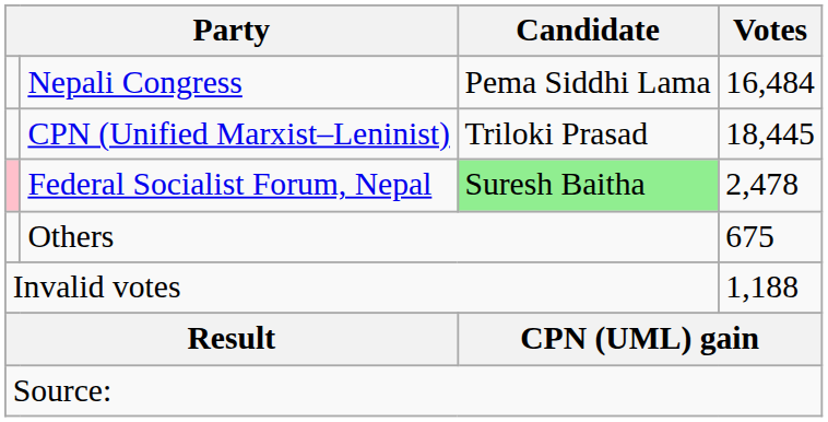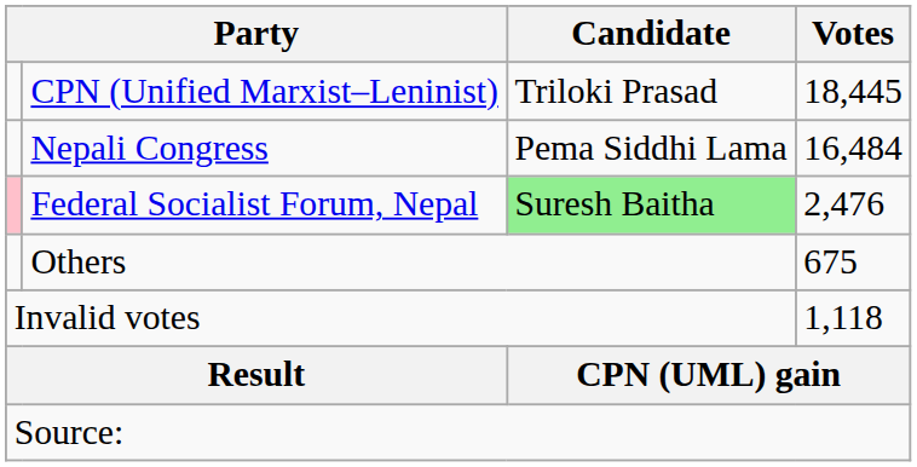 <table class="wikitable">
 <tr>
 <th colspan="2">Party</th>
 <th>Candidate</th>
 <th>Votes</th>
 </tr>
 <tr>
 <td style="background-color:"></td>
+<td><a href='#'>CPN (Unified Marxist–Leninist)</a></td>
+<td>Triloki Prasad</td>
+<td>18,445</td>
+</tr>
+<tr>
+<td style="background-color:"></td>
 <td><a href='#'>Nepali Congress</a></td>
 <td>Pema Siddhi Lama</td>
 <td>16,484</td>
 </tr>
 <tr>
-<td style="background-color:"></td>
-<td><a href='#'>CPN (Unified Marxist–Leninist)</a></td>
-<td>Triloki Prasad</td>
-<td>18,445</td>
-</tr>
-<tr>
 <td style="background-color:#ffc0cb"></td>
 <td><a href='#'>Federal Socialist Forum, Nepal</a></td>
 <td style="background: lightgreen;">Suresh Baitha</td>
-<td>2,478</td>
+<td>2,476</td>
 </tr>
 <tr>
 <td></td>
 <td colspan="2">Others</td>
 <td>675</td>
 </tr>
 <tr>
 <td colspan="3">Invalid votes</td>
-<td>1,188</td>
+<td>1,118</td>
 </tr>
 <tr>
 <th colspan="2">Result</th>
 <th colspan="2">CPN (UML) gain</th>
 </tr>
 <tr>
 <td colspan="4">Source: </td>
 </tr>
 </table>
